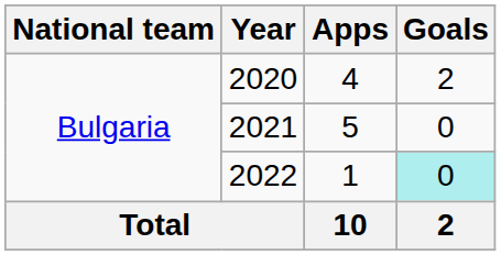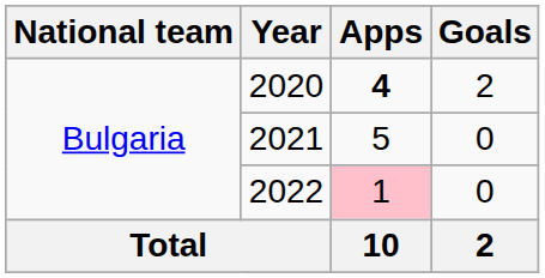 <table class="wikitable" style="text-align:center">
 <tr>
 <th>National team</th>
 <th>Year</th>
 <th>Apps</th>
 <th>Goals</th>
 </tr>
 <tr>
 <td rowspan="3"><a href='#'>Bulgaria</a></td>
 <td>2020</td>
-<td>4</td>
+<td><strong>4</strong></td>
 <td>2</td>
 </tr>
 <tr>
 <td>2021</td>
 <td>5</td>
 <td>0</td>
 </tr>
 <tr>
 <td>2022</td>
-<td>1</td>
-<td style="background: paleturquoise;">0</td>
+<td style="background: pink;">1</td>
+<td>0</td>
 </tr>
 <tr>
 <th colspan="2">Total</th>
 <th>10</th>
 <th>2</th>
 </tr>
 </table>
